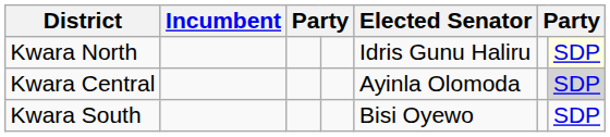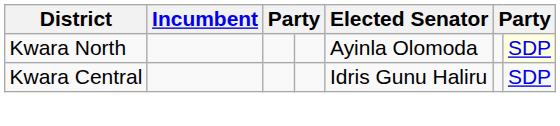 <table class="sortable wikitable" style="font-size:95%;line-height:14px;">
 <tr>
 <th class="unsortable">District</th>
 <th class="unsortable"><a href='#'>Incumbent</a></th>
 <th colspan="2">Party</th>
 <th class="unsortable">Elected Senator</th>
 <th colspan="2">Party</th>
 </tr>
 <tr>
 <td>Kwara North</td>
 <td></td>
 <td></td>
 <td></td>
-<td>Idris Gunu Haliru</td>
+<td>Ayinla Olomoda</td>
 <td style="background:"></td>
 <td style="background: lightyellow;"><a href='#'>SDP</a></td>
 </tr>
 <tr>
 <td>Kwara Central</td>
 <td></td>
 <td></td>
 <td></td>
-<td>Ayinla Olomoda</td>
-<td style="background:"></td>
-<td style="background: lightgrey;"><a href='#'>SDP</a></td>
-</tr>
-<tr>
-<td>Kwara South</td>
-<td></td>
-<td></td>
-<td></td>
-<td>Bisi Oyewo</td>
+<td>Idris Gunu Haliru</td>
 <td style="background:"></td>
 <td><a href='#'>SDP</a></td>
 </tr>
 </table>
